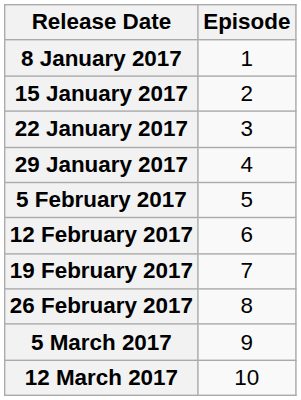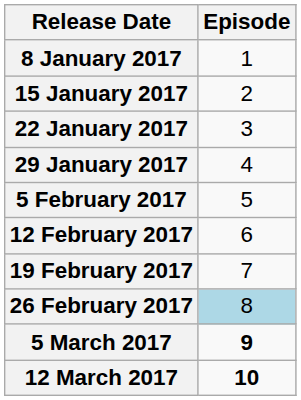 <table class=wikitable mw-collapsible style="text-align:center">
 <tr>
 <th>Release Date</th>
 <th>Episode</th>
 </tr>
 <tr>
 <th>8 January 2017</th>
 <td>1</td>
 </tr>
 <tr>
 <th>15 January 2017</th>
 <td>2</td>
 </tr>
 <tr>
 <th>22 January 2017</th>
 <td>3</td>
 </tr>
 <tr>
 <th>29 January 2017</th>
 <td>4</td>
 </tr>
 <tr>
 <th>5 February 2017</th>
 <td>5</td>
 </tr>
 <tr>
 <th>12 February 2017</th>
 <td>6</td>
 </tr>
 <tr>
 <th>19 February 2017</th>
 <td>7</td>
 </tr>
 <tr>
 <th>26 February 2017</th>
-<td>8</td>
+<td style="background: lightblue;">8</td>
 </tr>
 <tr>
 <th>5 March 2017</th>
-<td>9</td>
+<td><strong>9</strong></td>
 </tr>
 <tr>
 <th>12 March 2017</th>
-<td>10</td>
+<td><strong>10</strong></td>
 </tr>
 </table>
